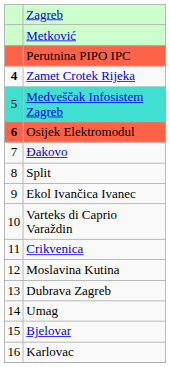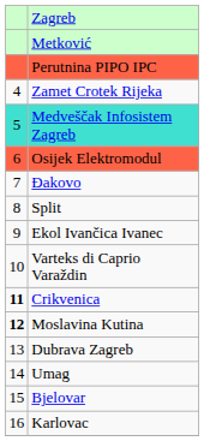 <table class="wikitable" width="200px">
 <tr bgcolor=#ccffcc>
 <td align=center></td>
 <td><a href='#'>Zagreb</a></td>
 </tr>
 <tr bgcolor=#ccffcc>
 <td align=center></td>
 <td><a href='#'>Metković</a></td>
 </tr>
 <tr bgcolor="tomato">
 <td align=center></td>
 <td>Perutnina PIPO IPC</td>
 </tr>
 <tr>
-<td align=center><strong>4</strong></td>
+<td align=center>4</td>
 <td><a href='#'>Zamet Crotek Rijeka</a></td>
 </tr>
 <tr bgcolor="turquoise">
 <td align=center>5</td>
 <td><a href='#'>Medveščak Infosistem Zagreb</a></td>
 </tr>
 <tr bgcolor="tomato">
-<td align=center><strong>6</strong></td>
+<td align=center>6</td>
 <td>Osijek Elektromodul</td>
 </tr>
 <tr>
 <td align=center>7</td>
 <td><a href='#'>Đakovo</a></td>
 </tr>
 <tr>
 <td align=center>8</td>
 <td>Split</td>
 </tr>
 <tr>
 <td align=center>9</td>
 <td>Ekol Ivančica Ivanec</td>
 </tr>
 <tr>
 <td align=center>10</td>
 <td>Varteks di Caprio Varaždin</td>
 </tr>
 <tr>
-<td align=center>11</td>
+<td align=center><strong>11</strong></td>
 <td><a href='#'>Crikvenica</a></td>
 </tr>
 <tr>
-<td align=center>12</td>
+<td align=center><strong>12</strong></td>
 <td>Moslavina Kutina</td>
 </tr>
 <tr>
 <td align=center>13</td>
 <td>Dubrava Zagreb</td>
 </tr>
 <tr>
 <td align=center>14</td>
 <td>Umag</td>
 </tr>
 <tr>
 <td align=center>15</td>
 <td><a href='#'>Bjelovar</a></td>
 </tr>
 <tr>
 <td align=center>16</td>
 <td>Karlovac</td>
 </tr>
 <tr>
 </tr>
 </table>
